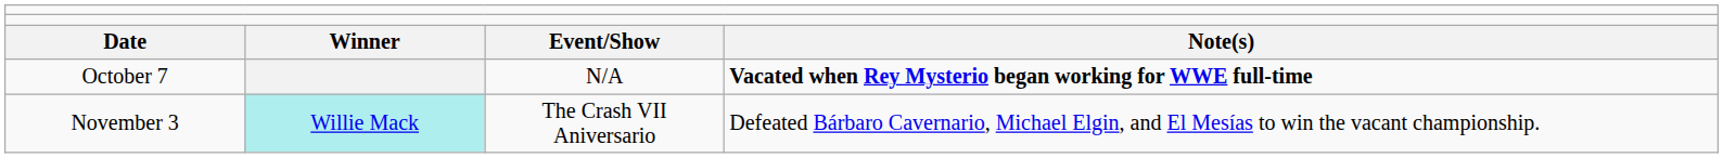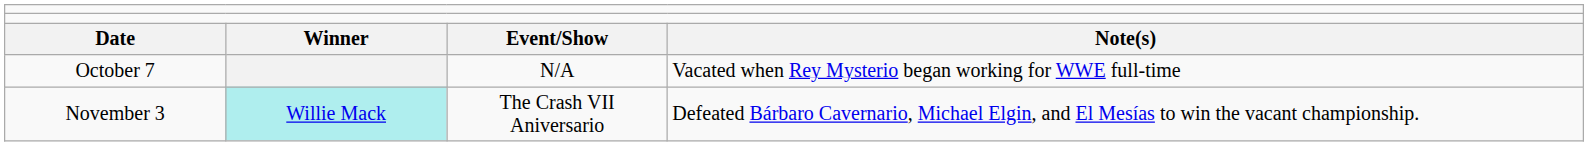 <table class="wikitable" style="text-align:center; width:100%;">
 <tr>
 <td colspan="5"></td>
 </tr>
 <tr>
 <td colspan="5"><strong></strong></td>
 </tr>
 <tr>
 <th width=14%>Date</th>
 <th width=14%>Winner</th>
 <th width=14%>Event/Show</th>
 <th width=58%>Note(s)</th>
 </tr>
 <tr>
 <td>October 7</td>
 <th></th>
 <td>N/A</td>
-<td align=left><strong>Vacated when <a href='#'>Rey Mysterio</a> began working for <a href='#'>WWE</a> full-time</strong></td>
+<td align=left>Vacated when <a href='#'>Rey Mysterio</a> began working for <a href='#'>WWE</a> full-time</td>
 </tr>
 <tr>
 <td>November 3</td>
 <td style="background: paleturquoise;"><a href='#'>Willie Mack</a></td>
 <td>The Crash VII Aniversario</td>
 <td align=left>Defeated <a href='#'>Bárbaro Cavernario</a>, <a href='#'>Michael Elgin</a>, and <a href='#'>El Mesías</a> to win the vacant championship.</td>
 </tr>
 </table>
